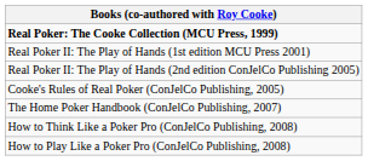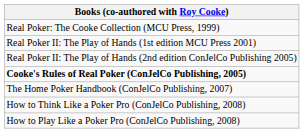 <table class="wikitable">
 <tr>
 <th>Books (co-authored with <a href='#'>Roy Cooke</a>)</th>
 </tr>
 <tr>
-<td><strong>Real Poker: The Cooke Collection (MCU Press, 1999)</strong></td>
+<td>Real Poker: The Cooke Collection (MCU Press, 1999)</td>
 </tr>
 <tr>
 <td>Real Poker II: The Play of Hands (1st edition MCU Press 2001)</td>
 </tr>
 <tr>
 <td>Real Poker II: The Play of Hands (2nd edition ConJelCo Publishing 2005)</td>
 </tr>
 <tr>
-<td>Cooke's Rules of Real Poker (ConJelCo Publishing, 2005)</td>
+<td><strong>Cooke's Rules of Real Poker (ConJelCo Publishing, 2005)</strong></td>
 </tr>
 <tr>
 <td>The Home Poker Handbook (ConJelCo Publishing, 2007)</td>
 </tr>
 <tr>
 <td>How to Think Like a Poker Pro (ConJelCo Publishing, 2008)</td>
 </tr>
 <tr>
 <td>How to Play Like a Poker Pro (ConJelCo Publishing, 2008)</td>
 </tr>
 </table>
